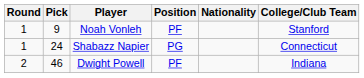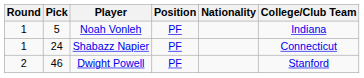 <table class="wikitable sortable sortable">
 <tr>
 <th>Round</th>
 <th>Pick</th>
 <th>Player</th>
 <th>Position</th>
 <th>Nationality</th>
 <th>College/Club Team</th>
 </tr>
 <tr style="text-align: center">
 <td>1</td>
-<td>9</td>
+<td>5</td>
 <td><a href='#'>Noah Vonleh</a></td>
 <td><a href='#'>PF</a></td>
 <td></td>
-<td><a href='#'>Stanford</a></td>
+<td><a href='#'>Indiana</a></td>
 </tr>
 <tr style="text-align: center">
 <td>1</td>
 <td>24</td>
 <td><a href='#'>Shabazz Napier</a></td>
-<td><a href='#'>PG</a></td>
+<td><a href='#'>PF</a></td>
 <td></td>
 <td><a href='#'>Connecticut</a></td>
 </tr>
 <tr style="text-align: center">
 <td>2</td>
 <td>46</td>
 <td><a href='#'>Dwight Powell</a></td>
 <td><a href='#'>PF</a></td>
 <td></td>
-<td><a href='#'>Indiana</a></td>
+<td><a href='#'>Stanford</a></td>
 </tr>
 </table>
